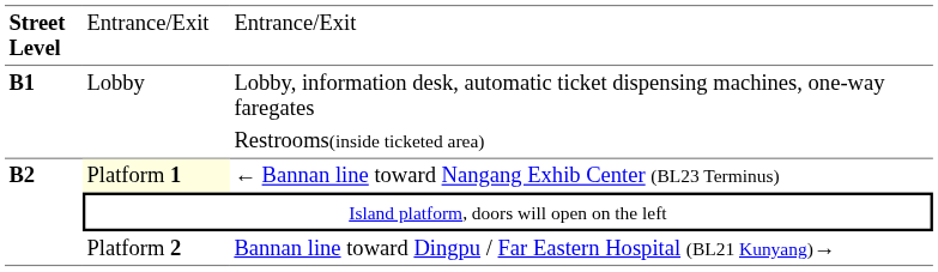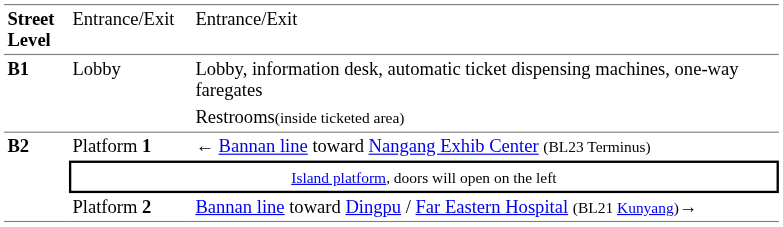 <table cellspacing=0 cellpadding=3>
 <tr>
 <td style="border-top:solid 1px gray;border-bottom:solid 1px gray;" width=50 valign=top><strong>Street Level</strong></td>
 <td style="border-top:solid 1px gray;border-bottom:solid 1px gray;" width=100 valign=top>Entrance/Exit</td>
 <td style="border-top:solid 1px gray;border-bottom:solid 1px gray;" width=500 valign=top>Entrance/Exit</td>
 </tr>
 <tr>
 <td style="border-bottom:solid 1px gray;" rowspan=2 valign=top><strong>B1</strong></td>
 <td style="border-bottom:solid 1px gray;" rowspan=2 valign=top>Lobby</td>
 <td>Lobby, information desk, automatic ticket dispensing machines, one-way faregates</td>
 </tr>
 <tr>
 <td style="border-bottom:solid 1px gray;">Restrooms<small>(inside ticketed area)</small></td>
 </tr>
 <tr>
 <td style="border-bottom:solid 1px gray;" rowspan=3 valign=top><strong>B2</strong></td>
-<td style="background: lightyellow;">Platform <span><strong>1</strong></span></td>
+<td>Platform <span><strong>1</strong></span></td>
 <td>←  <a href='#'>Bannan line</a> toward <a href='#'>Nangang Exhib Center</a> <small>(BL23 Terminus)</small></td>
 </tr>
 <tr>
 <td style="border-top:solid 2px black;border-right:solid 2px black;border-left:solid 2px black;border-bottom:solid 2px black;text-align:center;" colspan=2><small><a href='#'>Island platform</a>, doors will open on the left</small></td>
 </tr>
 <tr>
 <td style="border-bottom:solid 1px gray;">Platform <span><strong>2</strong></span></td>
 <td style="border-bottom:solid 1px gray;">  <a href='#'>Bannan line</a> toward <a href='#'>Dingpu</a> / <a href='#'>Far Eastern Hospital</a>  <small>(BL21 <a href='#'>Kunyang</a>)</small>→</td>
 </tr>
 </table>
